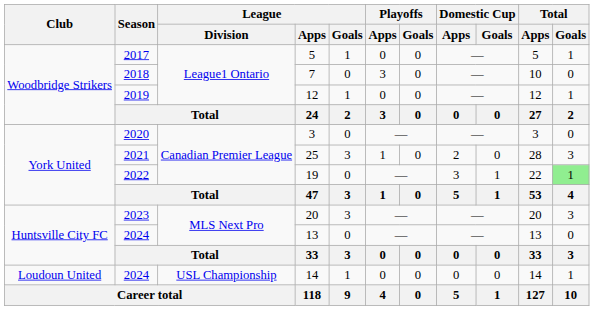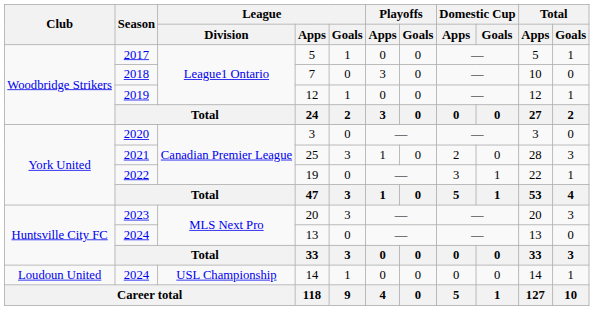 <table class="wikitable" style="text-align:center">
 <tr>
 <th rowspan="2">Club</th>
 <th rowspan="2">Season</th>
 <th colspan="3">League</th>
 <th colspan="2">Playoffs</th>
 <th colspan="2">Domestic Cup</th>
 <th colspan="2">Total</th>
 </tr>
 <tr>
 <th>Division</th>
 <th>Apps</th>
 <th>Goals</th>
 <th>Apps</th>
 <th>Goals</th>
 <th>Apps</th>
 <th>Goals</th>
 <th>Apps</th>
 <th>Goals</th>
 </tr>
 <tr>
 <td rowspan="4"><a href='#'>Woodbridge Strikers</a></td>
 <td><a href='#'>2017</a></td>
 <td rowspan=3><a href='#'>League1 Ontario</a></td>
 <td>5</td>
 <td>1</td>
 <td>0</td>
 <td>0</td>
 <td colspan="2">—</td>
 <td>5</td>
 <td>1</td>
 </tr>
 <tr>
 <td><a href='#'>2018</a></td>
 <td>7</td>
 <td>0</td>
 <td>3</td>
 <td>0</td>
 <td colspan="2">—</td>
 <td>10</td>
 <td>0</td>
 </tr>
 <tr>
 <td><a href='#'>2019</a></td>
 <td>12</td>
 <td>1</td>
 <td>0</td>
 <td>0</td>
 <td colspan="2">—</td>
 <td>12</td>
 <td>1</td>
 </tr>
 <tr>
 <th colspan="2">Total</th>
 <th>24</th>
 <th>2</th>
 <th>3</th>
 <th>0</th>
 <th>0</th>
 <th>0</th>
 <th>27</th>
 <th>2</th>
 </tr>
 <tr>
 <td rowspan="4"><a href='#'>York United</a></td>
 <td><a href='#'>2020</a></td>
 <td rowspan="3"><a href='#'>Canadian Premier League</a></td>
 <td>3</td>
 <td>0</td>
 <td colspan="2">—</td>
 <td colspan="2">—</td>
 <td>3</td>
 <td>0</td>
 </tr>
 <tr>
 <td><a href='#'>2021</a></td>
 <td>25</td>
 <td>3</td>
 <td>1</td>
 <td>0</td>
 <td>2</td>
 <td>0</td>
 <td>28</td>
 <td>3</td>
 </tr>
 <tr>
 <td><a href='#'>2022</a></td>
 <td>19</td>
 <td>0</td>
 <td colspan="2">—</td>
 <td>3</td>
 <td>1</td>
 <td>22</td>
-<td style="background: lightgreen;">1</td>
+<td>1</td>
 </tr>
 <tr>
 <th colspan="2">Total</th>
 <th>47</th>
 <th>3</th>
 <th>1</th>
 <th>0</th>
 <th>5</th>
 <th>1</th>
 <th>53</th>
 <th>4</th>
 </tr>
 <tr>
 <td rowspan=3><a href='#'>Huntsville City FC</a></td>
 <td><a href='#'>2023</a></td>
 <td rowspan=2><a href='#'>MLS Next Pro</a></td>
 <td>20</td>
 <td>3</td>
 <td colspan="2">—</td>
 <td colspan="2">—</td>
 <td>20</td>
 <td>3</td>
 </tr>
 <tr>
 <td><a href='#'>2024</a></td>
 <td>13</td>
 <td>0</td>
 <td colspan="2">—</td>
 <td colspan="2">—</td>
 <td>13</td>
 <td>0</td>
 </tr>
 <tr>
 <th colspan="2">Total</th>
 <th>33</th>
 <th>3</th>
 <th>0</th>
 <th>0</th>
 <th>0</th>
 <th>0</th>
 <th>33</th>
 <th>3</th>
 </tr>
 <tr>
 <td><a href='#'>Loudoun United</a></td>
 <td><a href='#'>2024</a></td>
 <td><a href='#'>USL Championship</a></td>
 <td>14</td>
 <td>1</td>
 <td>0</td>
 <td>0</td>
 <td>0</td>
 <td>0</td>
 <td>14</td>
 <td>1</td>
 </tr>
 <tr>
 <th colspan="3">Career total</th>
 <th>118</th>
 <th>9</th>
 <th>4</th>
 <th>0</th>
 <th>5</th>
 <th>1</th>
 <th>127</th>
 <th>10</th>
 </tr>
 </table>
